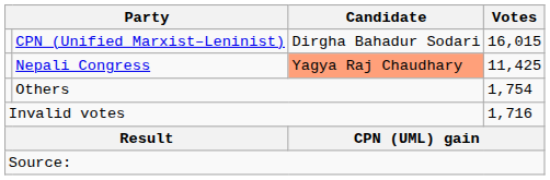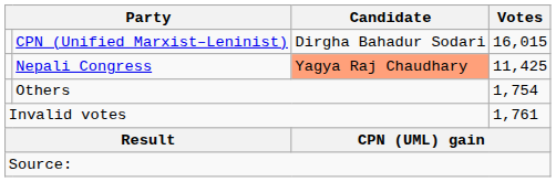 <table class="wikitable">
 <tr>
 <th colspan="2">Party</th>
 <th>Candidate</th>
 <th>Votes</th>
 </tr>
 <tr>
 <td style="background-color:"></td>
 <td><a href='#'>CPN (Unified Marxist–Leninist)</a></td>
 <td>Dirgha Bahadur Sodari</td>
 <td>16,015</td>
 </tr>
 <tr>
 <td style="background-color:"></td>
 <td><a href='#'>Nepali Congress</a></td>
 <td style="background: lightsalmon;">Yagya Raj Chaudhary</td>
 <td>11,425</td>
 </tr>
 <tr>
 <td></td>
 <td colspan="2">Others</td>
 <td>1,754</td>
 </tr>
 <tr>
 <td colspan="3">Invalid votes</td>
-<td>1,716</td>
+<td>1,761</td>
 </tr>
 <tr>
 <th colspan="2">Result</th>
 <th colspan="2">CPN (UML) gain</th>
 </tr>
 <tr>
 <td colspan="4">Source: </td>
 </tr>
 </table>
